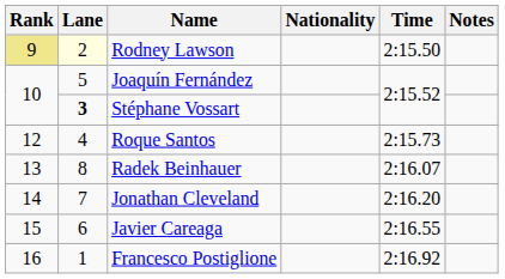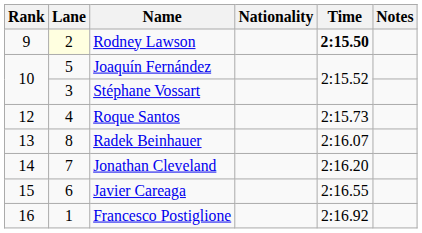 <table class="wikitable sortable" style="text-align:center">
 <tr>
 <th>Rank</th>
 <th>Lane</th>
 <th>Name</th>
 <th>Nationality</th>
 <th>Time</th>
 <th>Notes</th>
 </tr>
 <tr>
-<td style="background: khaki;">9</td>
+<td>9</td>
 <td style="background: lightyellow;">2</td>
 <td align=left><a href='#'>Rodney Lawson</a></td>
 <td align=left></td>
-<td>2:15.50</td>
+<td><strong>2:15.50</strong></td>
 <td></td>
 </tr>
 <tr>
 <td rowspan=2>10</td>
 <td>5</td>
 <td align=left><a href='#'>Joaquín Fernández</a></td>
 <td align=left></td>
 <td rowspan=2>2:15.52</td>
 <td></td>
 </tr>
 <tr>
-<td><strong>3</strong></td>
+<td>3</td>
 <td align=left><a href='#'>Stéphane Vossart</a></td>
 <td align=left></td>
 <td></td>
 </tr>
 <tr>
 <td>12</td>
 <td>4</td>
 <td align=left><a href='#'>Roque Santos</a></td>
 <td align=left></td>
 <td>2:15.73</td>
 <td></td>
 </tr>
 <tr>
 <td>13</td>
 <td>8</td>
 <td align=left><a href='#'>Radek Beinhauer</a></td>
 <td align=left></td>
 <td>2:16.07</td>
 <td></td>
 </tr>
 <tr>
 <td>14</td>
 <td>7</td>
 <td align=left><a href='#'>Jonathan Cleveland</a></td>
 <td align=left></td>
 <td>2:16.20</td>
 <td></td>
 </tr>
 <tr>
 <td>15</td>
 <td>6</td>
 <td align=left><a href='#'>Javier Careaga</a></td>
 <td align=left></td>
 <td>2:16.55</td>
 <td></td>
 </tr>
 <tr>
 <td>16</td>
 <td>1</td>
 <td align=left><a href='#'>Francesco Postiglione</a></td>
 <td align=left></td>
 <td>2:16.92</td>
 <td></td>
 </tr>
 </table>
